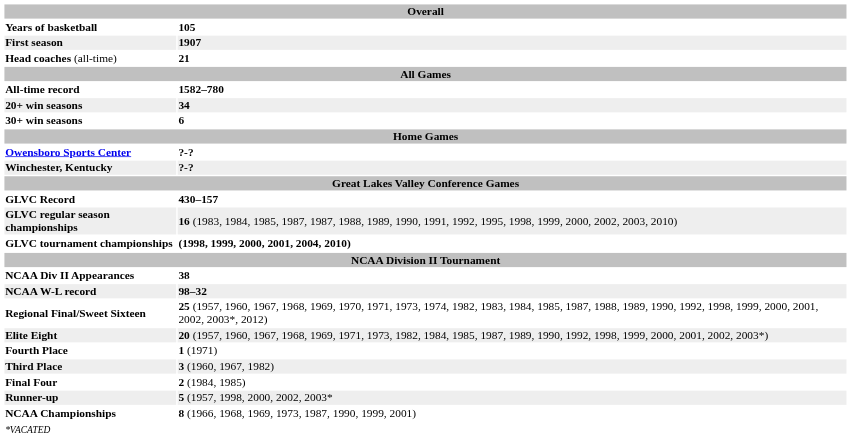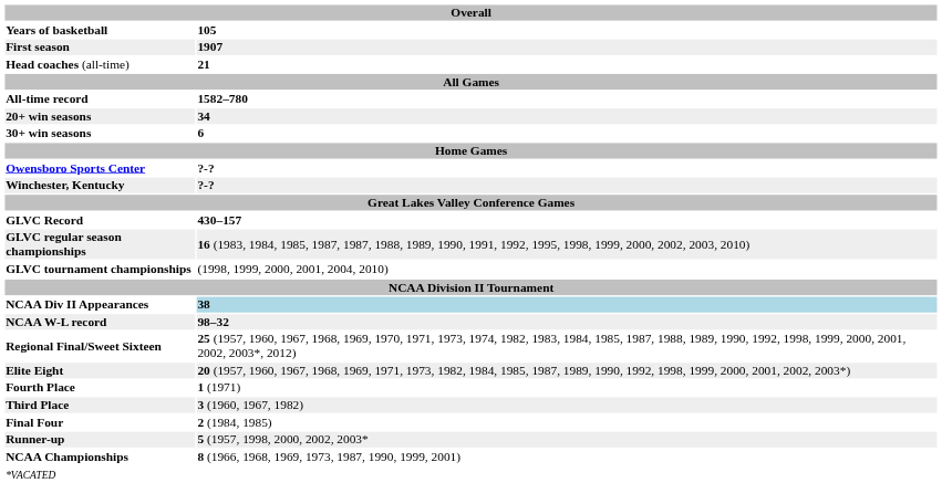 <table width=60% class="toccolours">
 <tr>
 <th colspan=2 bgcolor=silver>Overall</th>
 </tr>
 <tr>
 <td><strong>Years of basketball</strong></td>
 <td><strong>105</strong></td>
 </tr>
 <tr bgcolor=#eeeeee>
 <td><strong>First season</strong></td>
 <td><strong>1907</strong></td>
 </tr>
 <tr>
 <td><strong>Head coaches</strong> (all-time)</td>
 <td><strong>21</strong></td>
 </tr>
 <tr>
 <th colspan=2 bgcolor=silver>All Games</th>
 </tr>
 <tr>
 <td><strong>All-time record</strong></td>
 <td><strong>1582–780</strong></td>
 </tr>
 <tr bgcolor=#eeeeee>
 <td><strong>20+ win seasons</strong></td>
 <td><strong>34</strong></td>
 </tr>
 <tr>
 <td><strong>30+ win seasons</strong></td>
 <td><strong>6</strong></td>
 </tr>
 <tr>
 <th colspan=2 bgcolor=silver>Home Games</th>
 </tr>
 <tr>
 <td><strong><a href='#'>Owensboro Sports Center</a></strong></td>
 <td><strong>?-?</strong></td>
 </tr>
 <tr bgcolor=#eeeeee>
 <td><strong>Winchester, Kentucky</strong></td>
 <td><strong>?-?</strong></td>
 </tr>
 <tr>
 <th colspan=2 bgcolor=silver>Great Lakes Valley Conference Games</th>
 </tr>
 <tr>
 <td><strong>GLVC Record</strong></td>
 <td><strong>430–157</strong></td>
 </tr>
 <tr bgcolor=#eeeeee>
 <td><strong>GLVC regular season championships</strong></td>
 <td><strong>16</strong> (1983, 1984, 1985, 1987, 1987, 1988, 1989, 1990, 1991, 1992, 1995, 1998, 1999, 2000, 2002, 2003, 2010)</td>
 </tr>
 <tr>
 <td><strong>GLVC tournament championships</strong></td>
-<td><strong>(1998, 1999, 2000, 2001, 2004, 2010)</strong></td>
+<td>(1998, 1999, 2000, 2001, 2004, 2010)</td>
 </tr>
 <tr bgcolor=#eeeeee>
 </tr>
 <tr>
 <th colspan=2 bgcolor=silver>NCAA Division II Tournament</th>
 </tr>
 <tr>
 <td><strong>NCAA Div II Appearances</strong></td>
-<td><strong>38</strong></td>
+<td style="background: lightblue;"><strong>38</strong></td>
 </tr>
 <tr bgcolor=#eeeeee>
 <td><strong>NCAA W-L record</strong></td>
 <td><strong>98–32</strong></td>
 </tr>
 <tr>
 <td><strong>Regional Final/Sweet Sixteen</strong></td>
 <td><strong>25</strong> (1957, 1960, 1967, 1968, 1969, 1970, 1971, 1973, 1974, 1982, 1983, 1984, 1985, 1987, 1988, 1989, 1990, 1992, 1998, 1999, 2000, 2001, 2002, 2003*, 2012)</td>
 </tr>
 <tr bgcolor=#eeeeee>
 <td><strong>Elite Eight</strong></td>
 <td><strong>20</strong> (1957, 1960, 1967, 1968, 1969, 1971, 1973, 1982, 1984, 1985, 1987, 1989, 1990, 1992, 1998, 1999, 2000, 2001, 2002, 2003*)</td>
 </tr>
 <tr>
 <td><strong>Fourth Place</strong></td>
 <td><strong>1</strong> (1971)</td>
 </tr>
 <tr bgcolor=#eeeeee>
 <td><strong>Third Place</strong></td>
 <td><strong>3</strong> (1960, 1967, 1982)</td>
 </tr>
 <tr>
 <td><strong>Final Four</strong></td>
 <td><strong>2</strong> (1984, 1985)</td>
 </tr>
 <tr bgcolor=#eeeeee>
 <td><strong>Runner-up</strong></td>
 <td><strong>5</strong> (1957, 1998, 2000, 2002, 2003*</td>
 </tr>
 <tr>
 <td><strong>NCAA Championships</strong></td>
 <td><strong>8</strong> (1966, 1968, 1969, 1973, 1987, 1990, 1999, 2001)</td>
 </tr>
 <tr>
 <td colspan=2><small><em>*VACATED </em></small></td>
 </tr>
 </table>
